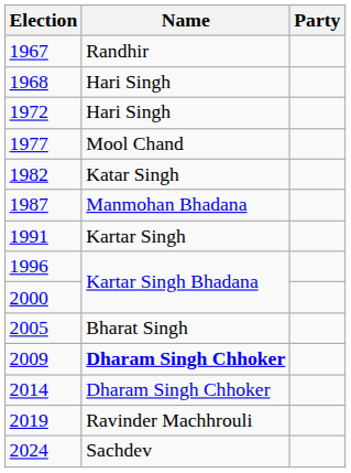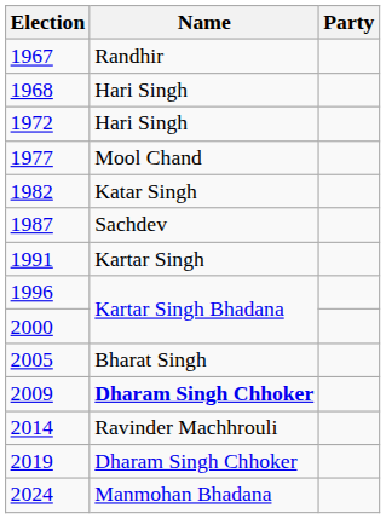 <table class="wikitable sortable">
 <tr>
 <th>Election</th>
 <th>Name</th>
 <th colspan="2">Party</th>
 </tr>
 <tr>
 <td><a href='#'>1967</a></td>
 <td>Randhir</td>
 <td></td>
 </tr>
 <tr>
 <td><a href='#'>1968</a></td>
 <td>Hari Singh</td>
 <td></td>
 </tr>
 <tr>
 <td><a href='#'>1972</a></td>
 <td>Hari Singh</td>
 </tr>
 <tr>
 <td><a href='#'>1977</a></td>
 <td>Mool Chand</td>
 <td></td>
 </tr>
 <tr>
 <td><a href='#'>1982</a></td>
 <td>Katar Singh</td>
 <td></td>
 </tr>
 <tr>
 <td><a href='#'>1987</a></td>
-<td><a href='#'>Manmohan Bhadana</a></td>
+<td>Sachdev</td>
 <td></td>
 </tr>
 <tr>
 <td><a href='#'>1991</a></td>
 <td>Kartar Singh</td>
 <td></td>
 </tr>
 <tr>
 <td><a href='#'>1996</a></td>
 <td rowspan=2><a href='#'>Kartar Singh Bhadana</a></td>
 <td></td>
 </tr>
 <tr>
 <td><a href='#'>2000</a></td>
 <td></td>
 </tr>
 <tr>
 <td><a href='#'>2005</a></td>
 <td>Bharat Singh</td>
 <td></td>
 </tr>
 <tr>
 <td><a href='#'>2009</a></td>
 <td><strong><a href='#'>Dharam Singh Chhoker</a></strong></td>
 <td></td>
 </tr>
 <tr>
 <td><a href='#'>2014</a></td>
+<td>Ravinder Machhrouli</td>
+<td></td>
+</tr>
+<tr>
+<td><a href='#'>2019</a></td>
 <td><a href='#'>Dharam Singh Chhoker</a></td>
 <td></td>
 </tr>
 <tr>
-<td><a href='#'>2019</a></td>
-<td>Ravinder Machhrouli</td>
-<td></td>
-</tr>
-<tr>
 <td><a href='#'>2024</a></td>
-<td>Sachdev</td>
+<td><a href='#'>Manmohan Bhadana</a></td>
 <td></td>
 </tr>
 </table>
